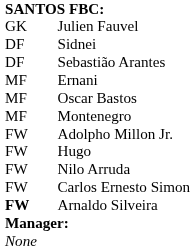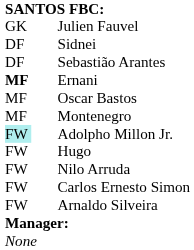 <table style="font-size:90%" cellspacing="0" cellpadding="0">
 <tr>
 <td colspan="4"><strong>SANTOS FBC:</strong></td>
 </tr>
 <tr>
 <th width=25></th>
 <th width=25></th>
 </tr>
 <tr>
 <td>GK</td>
 <td></td>
 <td> Julien Fauvel</td>
 </tr>
 <tr>
 <td>DF</td>
 <td></td>
 <td> Sidnei</td>
 </tr>
 <tr>
 <td>DF</td>
 <td></td>
 <td> Sebastião Arantes</td>
 </tr>
 <tr>
-<td>MF</td>
+<td><strong>MF</strong></td>
 <td></td>
 <td> Ernani</td>
 </tr>
 <tr>
 <td>MF</td>
 <td></td>
 <td> Oscar Bastos</td>
 </tr>
 <tr>
 <td>MF</td>
 <td></td>
 <td> Montenegro</td>
 </tr>
 <tr>
-<td>FW</td>
+<td style="background: paleturquoise;">FW</td>
 <td></td>
 <td> Adolpho Millon Jr.</td>
 </tr>
 <tr>
 <td>FW</td>
 <td></td>
 <td> Hugo</td>
 </tr>
 <tr>
 <td>FW</td>
 <td></td>
 <td> Nilo Arruda</td>
 </tr>
 <tr>
 <td>FW</td>
 <td></td>
 <td> Carlos Ernesto Simon</td>
 </tr>
 <tr>
-<td><strong>FW</strong></td>
+<td>FW</td>
 <td></td>
 <td> Arnaldo Silveira</td>
 </tr>
 <tr>
 <td colspan=3><strong>Manager:</strong></td>
 </tr>
 <tr>
 <td colspan=4><em>None</em></td>
 </tr>
 </table>
